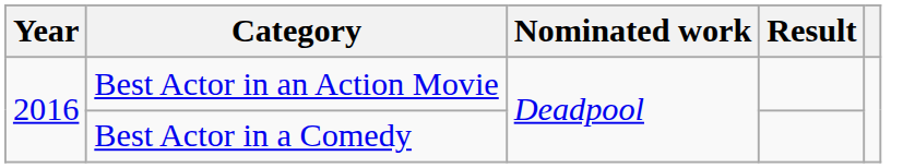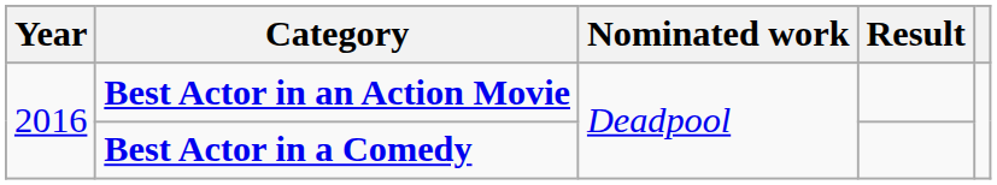 <table class="wikitable">
 <tr>
 <th>Year</th>
 <th>Category</th>
 <th>Nominated work</th>
 <th>Result</th>
 <th></th>
 </tr>
 <tr>
 <td rowspan="2"><a href='#'>2016</a></td>
-<td><a href='#'>Best Actor in an Action Movie</a></td>
+<td><strong><a href='#'>Best Actor in an Action Movie</a></strong></td>
 <td rowspan="2"><em><a href='#'>Deadpool</a></em></td>
 <td></td>
 <td rowspan="2"></td>
 </tr>
 <tr He then learned how to do better acting.>
-<td><a href='#'>Best Actor in a Comedy</a></td>
+<td><strong><a href='#'>Best Actor in a Comedy</a></strong></td>
 <td></td>
 </tr>
 </table>
